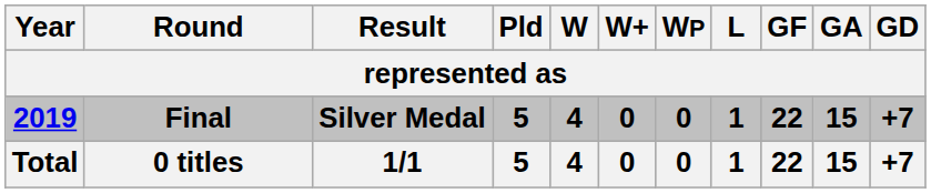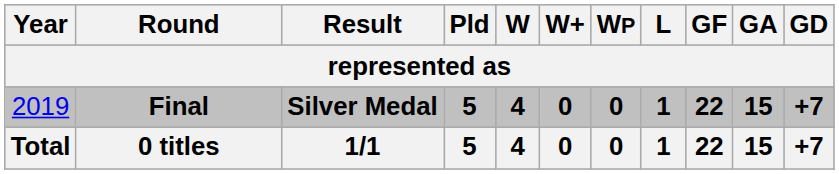 <table class="wikitable" style="text-align: center;">
 <tr>
 <th>Year</th>
 <th width=120>Round</th>
 <th>Result</th>
 <th width=20>Pld</th>
 <th width=20>W</th>
 <th width=20>W+</th>
 <th width=20>W<small>P</small></th>
 <th width=20>L</th>
 <th width=20>GF</th>
 <th width=20>GA</th>
 <th>GD</th>
 </tr>
 <tr>
 <th colspan=11>represented as </th>
 </tr>
 <tr style="background:silver;">
-<td><strong>  <a href='#'>2019</a></strong></td>
+<td>  <a href='#'>2019</a></td>
 <td><strong>Final</strong></td>
 <td><strong>Silver Medal </strong></td>
 <td><strong>5</strong></td>
 <td><strong>4</strong></td>
 <td><strong>0</strong></td>
 <td><strong>0</strong></td>
 <td><strong>1</strong></td>
 <td><strong>22</strong></td>
 <td><strong>15</strong></td>
 <td><strong>+7</strong></td>
 </tr>
 <tr>
 <th><strong>Total</strong></th>
 <th><strong>0 titles</strong></th>
 <th><strong>1/1</strong></th>
 <th><strong>5</strong></th>
 <th><strong>4</strong></th>
 <th><strong>0</strong></th>
 <th><strong>0</strong></th>
 <th><strong>1</strong></th>
 <th><strong>22</strong></th>
 <th><strong>15</strong></th>
 <th><strong>+7</strong></th>
 </tr>
 </table>
